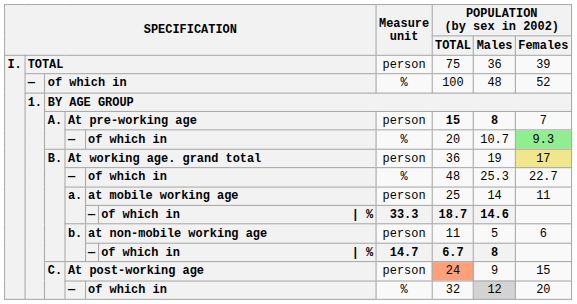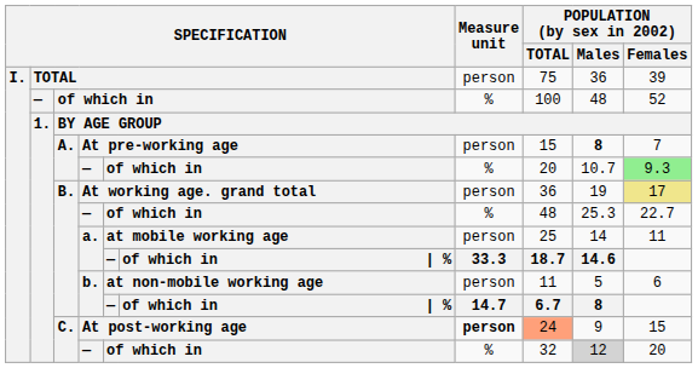 <table class="wikitable" style="font-size:85%; text-align:center">
 <tr>
 <th rowspan="2" colspan="6">SPECIFICATION</th>
 <th rowspan="2">Measure<br> unit</th>
 <th colspan="3" rowspan="1">POPULATION<br> (by sex in 2002)</th>
 </tr>
 <tr>
 <th>TOTAL</th>
 <th>Males</th>
 <th>Females</th>
 </tr>
 <tr>
 <th style="text-align:left" valign="top" rowspan="13">I.</th>
 <th style="text-align:left" colspan="5">TOTAL</th>
 <td>person</td>
 <td>75</td>
 <td>36</td>
 <td>39</td>
 </tr>
 <tr>
 <th style="text-align:left" valign="top">—</th>
 <th style="text-align:left" colspan="4">of which in</th>
 <td>%</td>
 <td>100</td>
 <td>48</td>
 <td>52</td>
 </tr>
 <tr>
 <th style="text-align:left" valign="top" rowspan="11">1.</th>
 <th style="text-align:left" colspan="19">BY AGE GROUP</th>
 </tr>
 <tr>
 <th style="text-align:left" valign="top" rowspan="2">A.</th>
 <th style="text-align:left" colspan="3">At pre-working age</th>
 <td>person</td>
-<td><strong>15</strong></td>
+<td>15</td>
 <td><strong>8</strong></td>
 <td>7</td>
 </tr>
 <tr>
 <th style="text-align:left" valign="top">—</th>
 <th style="text-align:left" valign="top" colspan="2">of which in</th>
 <td>%</td>
 <td>20</td>
 <td>10.7</td>
 <td style="background: lightgreen;">9.3</td>
 </tr>
 <tr>
 <th style="text-align:left" valign="top" rowspan="6">B.</th>
 <th style="text-align:left" colspan="3">At working age. grand total</th>
 <td>person</td>
 <td>36</td>
 <td>19</td>
 <td style="background: khaki;">17</td>
 </tr>
 <tr>
 <th style="text-align:left" valign="top">—</th>
 <th style="text-align:left" valign="top" colspan="2">of which in</th>
 <td>%</td>
 <td>48</td>
 <td>25.3</td>
 <td>22.7</td>
 </tr>
 <tr>
 <th style="text-align:left" valign="top" rowspan="2">a.</th>
 <th style="text-align:left" colspan="2">at mobile working age</th>
 <td>person</td>
 <td>25</td>
 <td>14</td>
 <td>11</td>
 </tr>
 <tr>
 <th style="text-align:left" valign="top">—</th>
 <th style="text-align:left" valign="top" colspan="1">of which in                        | %</th>
 <th>33.3</th>
 <th>18.7</th>
 <th>14.6</th>
 </tr>
 <tr>
 <th style="text-align:left" valign="top" rowspan="2">b.</th>
 <th style="text-align:left" colspan="2">at non-mobile working age</th>
 <td>person</td>
 <td>11</td>
 <td>5</td>
 <td>6</td>
 </tr>
 <tr>
 <th style="text-align:left" valign="top">—</th>
 <th style="text-align:left" valign="top" colspan="1">of which in                        | %</th>
 <th>14.7</th>
 <th>6.7</th>
 <th>8</th>
 </tr>
 <tr>
 <th style="text-align:left" valign="top" rowspan="2">C.</th>
 <th style="text-align:left" colspan="3">At post-working age</th>
-<td>person</td>
+<td><strong>person</strong></td>
 <td style="background: lightsalmon;">24</td>
 <td>9</td>
 <td>15</td>
 </tr>
 <tr>
 <th style="text-align:left" valign="top">—</th>
 <th style="text-align:left" valign="top" colspan="2">of which in</th>
 <td>%</td>
 <td>32</td>
 <td style="background: lightgrey;">12</td>
 <td>20</td>
 </tr>
 </table>
